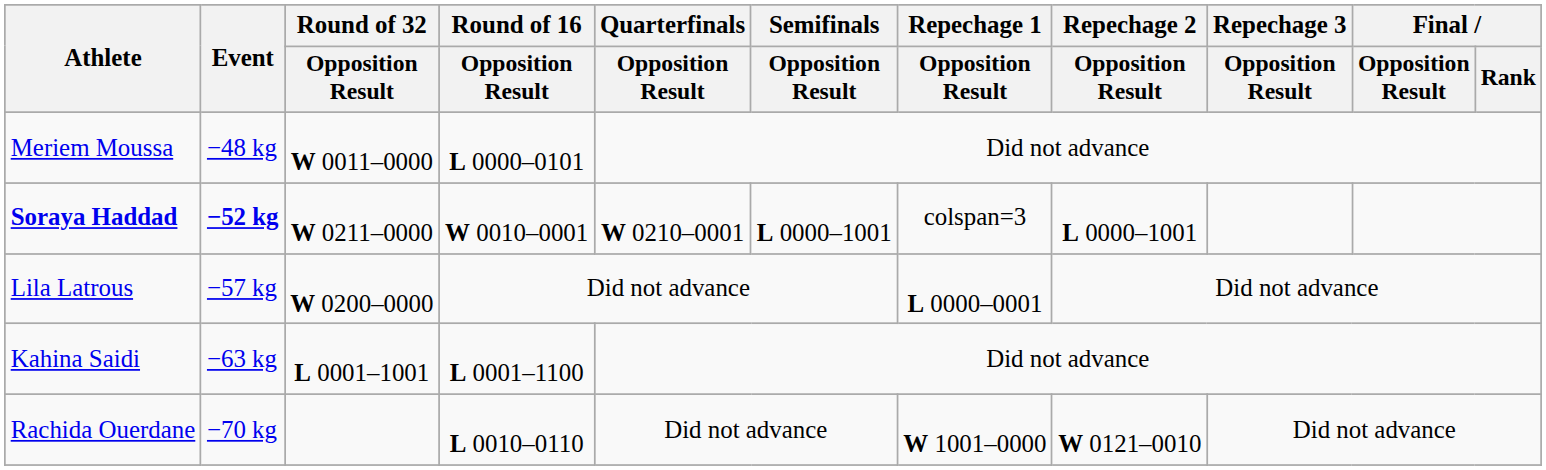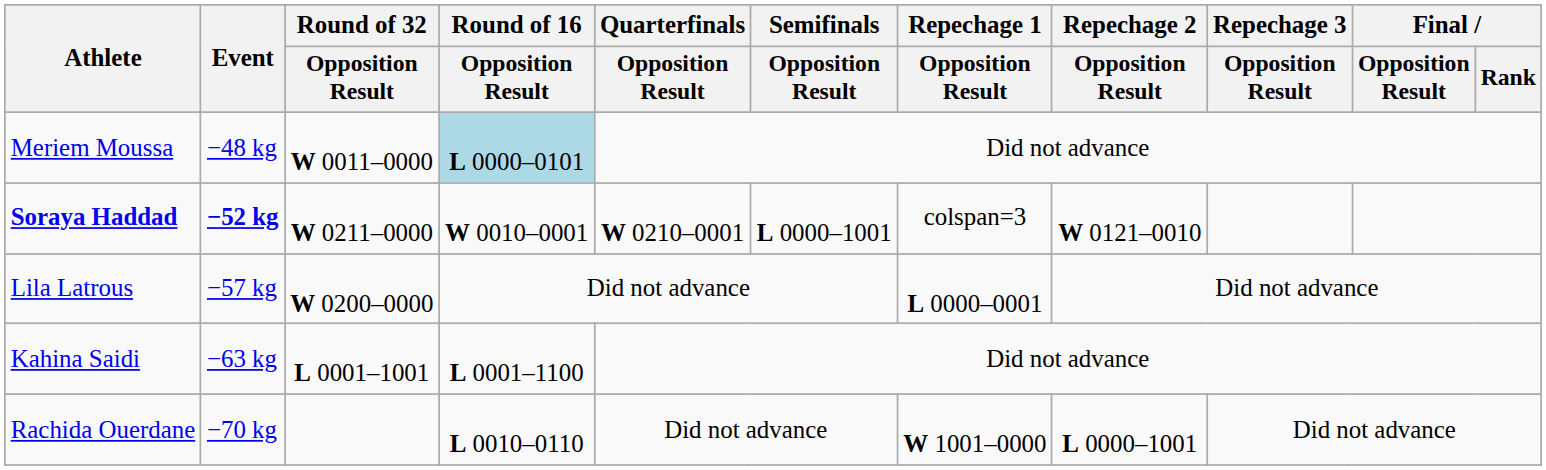 <table class="wikitable" style="font-size:90%">
 <tr>
 <th rowspan="2">Athlete</th>
 <th rowspan="2">Event</th>
 <th>Round of 32</th>
 <th>Round of 16</th>
 <th>Quarterfinals</th>
 <th>Semifinals</th>
 <th>Repechage 1</th>
 <th>Repechage 2</th>
 <th>Repechage 3</th>
 <th colspan=2>Final / </th>
 </tr>
 <tr style="font-size:95%">
 <th>Opposition<br>Result</th>
 <th>Opposition<br>Result</th>
 <th>Opposition<br>Result</th>
 <th>Opposition<br>Result</th>
 <th>Opposition<br>Result</th>
 <th>Opposition<br>Result</th>
 <th>Opposition<br>Result</th>
 <th>Opposition<br>Result</th>
 <th>Rank</th>
 </tr>
 <tr align=center>
 <td align=left><a href='#'>Meriem Moussa</a></td>
 <td align=left><a href='#'>−48 kg</a></td>
 <td><br><strong>W</strong> 0011–0000</td>
-<td><br><strong>L</strong> 0000–0101</td>
+<td style="background: lightblue;"><br><strong>L</strong> 0000–0101</td>
 <td colspan=8>Did not advance</td>
 </tr>
 <tr align=center>
 <td align=left><strong><a href='#'>Soraya Haddad</a></strong></td>
 <td align=left><strong><a href='#'>−52 kg</a></strong></td>
 <td><br><strong>W</strong> 0211–0000</td>
 <td><br><strong>W</strong> 0010–0001</td>
 <td><br><strong>W</strong> 0210–0001</td>
 <td><br><strong>L</strong> 0000–1001</td>
 <td>colspan=3 </td>
-<td><br><strong>L</strong> 0000–1001</td>
+<td><br><strong>W</strong> 0121–0010</td>
 <td></td>
 </tr>
 <tr align=center>
 <td align=left><a href='#'>Lila Latrous</a></td>
 <td align=left><a href='#'>−57 kg</a></td>
 <td><br><strong>W</strong> 0200–0000</td>
 <td colspan=3>Did not advance</td>
 <td><br><strong>L</strong> 0000–0001</td>
 <td colspan=4>Did not advance</td>
 </tr>
 <tr align=center>
 <td align=left><a href='#'>Kahina Saidi</a></td>
 <td align=left><a href='#'>−63 kg</a></td>
 <td align=center><br><strong>L</strong> 0001–1001</td>
 <td><br><strong>L</strong> 0001–1100</td>
 <td colspan=7>Did not advance</td>
 </tr>
 <tr align=center>
 <td align=left><a href='#'>Rachida Ouerdane</a></td>
 <td align=left><a href='#'>−70 kg</a></td>
 <td></td>
 <td><br><strong>L</strong> 0010–0110</td>
 <td colspan=2>Did not advance</td>
 <td><br><strong>W</strong> 1001–0000</td>
-<td><br><strong>W</strong> 0121–0010</td>
+<td><br><strong>L</strong> 0000–1001</td>
 <td colspan=3>Did not advance</td>
 </tr>
 </table>
